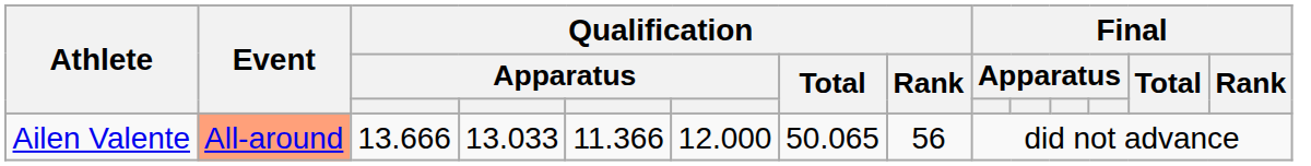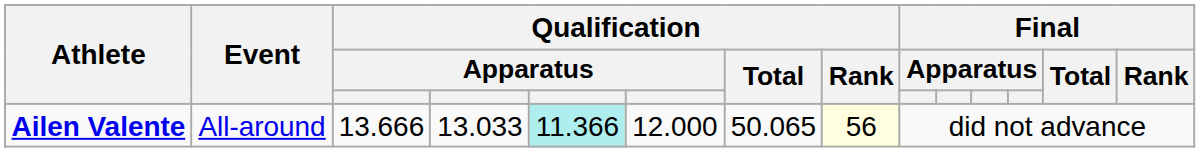 <table class="wikitable" style="font-size:90%">
 <tr>
 <th rowspan=3>Athlete</th>
 <th rowspan=3>Event</th>
 <th colspan=6>Qualification</th>
 <th colspan=6>Final</th>
 </tr>
 <tr style="font-size:95%">
 <th colspan=4>Apparatus</th>
 <th rowspan=2>Total</th>
 <th rowspan=2>Rank</th>
 <th colspan=4>Apparatus</th>
 <th rowspan=2>Total</th>
 <th rowspan=2>Rank</th>
 </tr>
 <tr style="font-size:95%">
 <th></th>
 <th></th>
 <th></th>
 <th></th>
 <th></th>
 <th></th>
 <th></th>
 <th></th>
 </tr>
 <tr align=center>
-<td align=left><a href='#'>Ailen Valente</a></td>
-<td align=left style="background: lightsalmon;"><a href='#'>All-around</a></td>
+<td align=left><strong><a href='#'>Ailen Valente</a></strong></td>
+<td align=left><a href='#'>All-around</a></td>
 <td>13.666</td>
 <td>13.033</td>
-<td>11.366</td>
+<td style="background: paleturquoise;">11.366</td>
 <td>12.000</td>
 <td>50.065</td>
-<td>56</td>
+<td style="background: lightyellow;">56</td>
 <td colspan=6>did not advance</td>
 </tr>
 </table>
